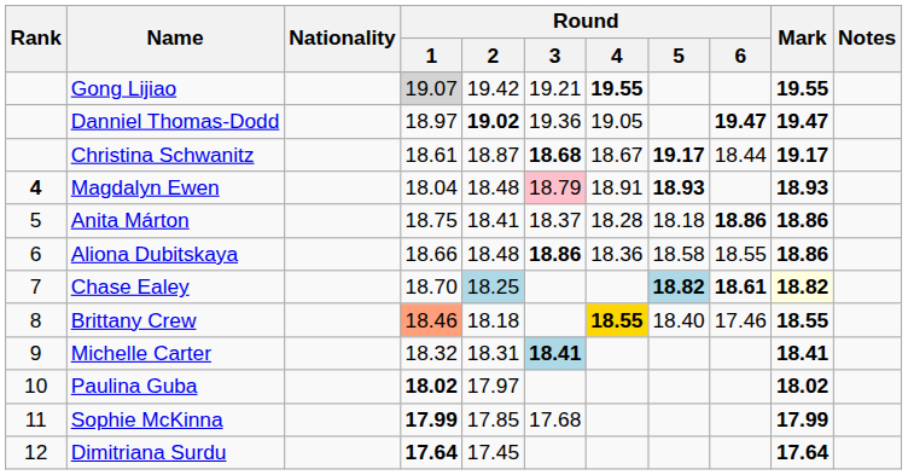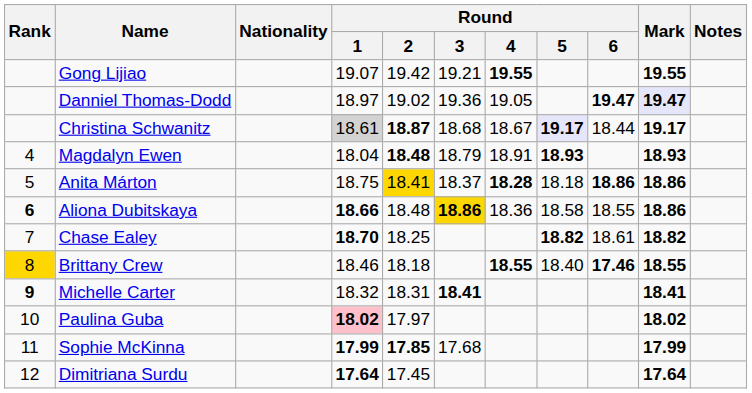 <table class="wikitable sortable" style="text-align:center">
 <tr>
 <th rowspan=2>Rank</th>
 <th rowspan=2>Name</th>
 <th rowspan=2>Nationality</th>
 <th colspan=6>Round</th>
 <th rowspan=2>Mark</th>
 <th rowspan=2>Notes</th>
 </tr>
 <tr>
 <th>1</th>
 <th>2</th>
 <th>3</th>
 <th>4</th>
 <th>5</th>
 <th>6</th>
 </tr>
 <tr>
 <td></td>
 <td align=left><a href='#'>Gong Lijiao</a></td>
 <td align=left></td>
-<td style="background: lightgrey;">19.07</td>
+<td>19.07</td>
 <td>19.42</td>
 <td>19.21</td>
 <td><strong>19.55</strong></td>
 <td></td>
 <td></td>
 <td><strong>19.55</strong></td>
 <td></td>
 </tr>
 <tr>
 <td></td>
 <td align=left><a href='#'>Danniel Thomas-Dodd</a></td>
 <td align=left></td>
 <td>18.97</td>
-<td><strong>19.02</strong></td>
+<td>19.02</td>
 <td>19.36</td>
 <td>19.05</td>
 <td></td>
 <td><strong>19.47</strong></td>
-<td><strong>19.47</strong></td>
+<td style="background: lavender;"><strong>19.47</strong></td>
 <td></td>
 </tr>
 <tr>
 <td></td>
 <td align=left><a href='#'>Christina Schwanitz</a></td>
 <td align=left></td>
-<td>18.61</td>
-<td>18.87</td>
-<td><strong>18.68</strong></td>
+<td style="background: lightgrey;">18.61</td>
+<td><strong>18.87</strong></td>
+<td>18.68</td>
 <td>18.67</td>
-<td><strong>19.17</strong></td>
+<td style="background: lavender;"><strong>19.17</strong></td>
 <td>18.44</td>
 <td><strong>19.17</strong></td>
 <td></td>
 </tr>
 <tr>
-<td><strong>4</strong></td>
+<td>4</td>
 <td align=left><a href='#'>Magdalyn Ewen</a></td>
 <td align=left></td>
 <td>18.04</td>
-<td>18.48</td>
-<td style="background: pink;">18.79</td>
+<td><strong>18.48</strong></td>
+<td>18.79</td>
 <td>18.91</td>
 <td><strong>18.93</strong></td>
 <td></td>
 <td><strong>18.93</strong></td>
 <td></td>
 </tr>
 <tr>
 <td>5</td>
 <td align=left><a href='#'>Anita Márton</a></td>
 <td align=left></td>
 <td>18.75</td>
-<td>18.41</td>
+<td style="background: gold;">18.41</td>
 <td>18.37</td>
-<td>18.28</td>
+<td><strong>18.28</strong></td>
 <td>18.18</td>
 <td><strong>18.86</strong></td>
 <td><strong>18.86</strong></td>
 <td></td>
 </tr>
 <tr>
-<td>6</td>
+<td><strong>6</strong></td>
 <td align=left><a href='#'>Aliona Dubitskaya</a></td>
 <td align=left></td>
-<td>18.66</td>
+<td><strong>18.66</strong></td>
 <td>18.48</td>
-<td><strong>18.86</strong></td>
+<td style="background: gold;"><strong>18.86</strong></td>
 <td>18.36</td>
 <td>18.58</td>
 <td>18.55</td>
 <td><strong>18.86</strong></td>
 <td></td>
 </tr>
 <tr>
 <td>7</td>
 <td align=left><a href='#'>Chase Ealey</a></td>
 <td align=left></td>
-<td>18.70</td>
-<td style="background: lightblue;">18.25</td>
+<td><strong>18.70</strong></td>
+<td>18.25</td>
 <td></td>
 <td></td>
-<td style="background: lightblue;"><strong>18.82</strong></td>
-<td><strong>18.61</strong></td>
-<td style="background: lightyellow;"><strong>18.82</strong></td>
+<td><strong>18.82</strong></td>
+<td>18.61</td>
+<td><strong>18.82</strong></td>
 <td></td>
 </tr>
 <tr>
-<td>8</td>
+<td style="background: gold;">8</td>
 <td align=left><a href='#'>Brittany Crew</a></td>
 <td align=left></td>
-<td style="background: lightsalmon;">18.46</td>
+<td>18.46</td>
 <td>18.18</td>
 <td></td>
-<td style="background: gold;"><strong>18.55</strong></td>
+<td><strong>18.55</strong></td>
 <td>18.40</td>
-<td>17.46</td>
+<td><strong>17.46</strong></td>
 <td><strong>18.55</strong></td>
 <td></td>
 </tr>
 <tr>
-<td>9</td>
+<td><strong>9</strong></td>
 <td align=left><a href='#'>Michelle Carter</a></td>
 <td align=left></td>
 <td>18.32</td>
 <td>18.31</td>
-<td style="background: lightblue;"><strong>18.41</strong></td>
+<td><strong>18.41</strong></td>
 <td></td>
 <td></td>
 <td></td>
 <td><strong>18.41</strong></td>
 <td></td>
 </tr>
 <tr>
 <td>10</td>
 <td align=left><a href='#'>Paulina Guba</a></td>
 <td align=left></td>
-<td><strong>18.02</strong></td>
+<td style="background: pink;"><strong>18.02</strong></td>
 <td>17.97</td>
 <td></td>
 <td></td>
 <td></td>
 <td></td>
 <td><strong>18.02</strong></td>
 <td></td>
 </tr>
 <tr>
 <td>11</td>
 <td align=left><a href='#'>Sophie McKinna</a></td>
 <td align=left></td>
 <td><strong>17.99</strong></td>
-<td>17.85</td>
+<td><strong>17.85</strong></td>
 <td>17.68</td>
 <td></td>
 <td></td>
 <td></td>
 <td><strong>17.99</strong></td>
 <td></td>
 </tr>
 <tr>
 <td>12</td>
 <td align=left><a href='#'>Dimitriana Surdu</a></td>
 <td align=left></td>
 <td><strong>17.64</strong></td>
 <td>17.45</td>
 <td></td>
 <td></td>
 <td></td>
 <td></td>
 <td><strong>17.64</strong></td>
 <td></td>
 </tr>
 </table>
